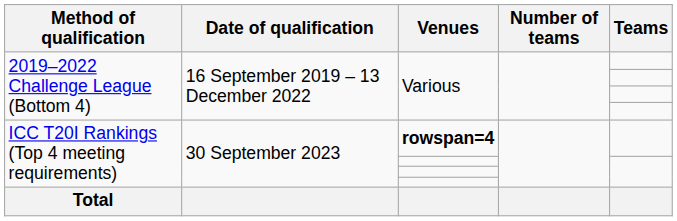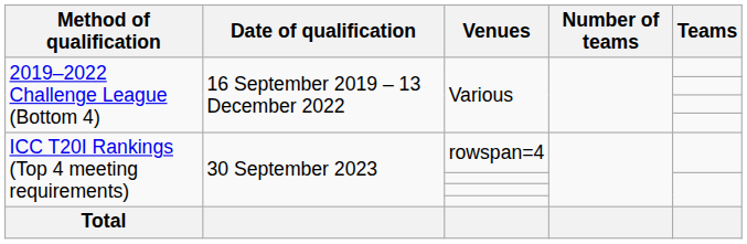 <table class="wikitable">
 <tr>
 <th scope="col">Method of qualification</th>
 <th>Date of qualification</th>
 <th>Venues</th>
 <th>Number of teams</th>
 <th>Teams</th>
 </tr>
 <tr>
 <td rowspan=4><a href='#'>2019–2022 Challenge League</a><br>(Bottom 4)</td>
 <td rowspan=4>16 September 2019 – 13 December 2022</td>
 <td rowspan=4>Various</td>
 <td rowspan=4></td>
 <td></td>
 </tr>
 <tr>
 <td></td>
 </tr>
 <tr>
 <td></td>
 </tr>
 <tr>
 <td></td>
 </tr>
 <tr>
 <td rowspan=4><a href='#'>ICC T20I Rankings</a><br>(Top 4 meeting requirements)</td>
 <td rowspan=4>30 September 2023</td>
-<td><strong>rowspan=4 </strong></td>
+<td>rowspan=4 </td>
 <td rowspan=4></td>
 <td></td>
 </tr>
 <tr>
 <td></td>
 </tr>
 <tr>
 <td></td>
 </tr>
 <tr>
 <td></td>
 </tr>
 <tr>
 <th>Total</th>
 <th></th>
 <th></th>
 <th></th>
 <th></th>
 </tr>
 </table>
